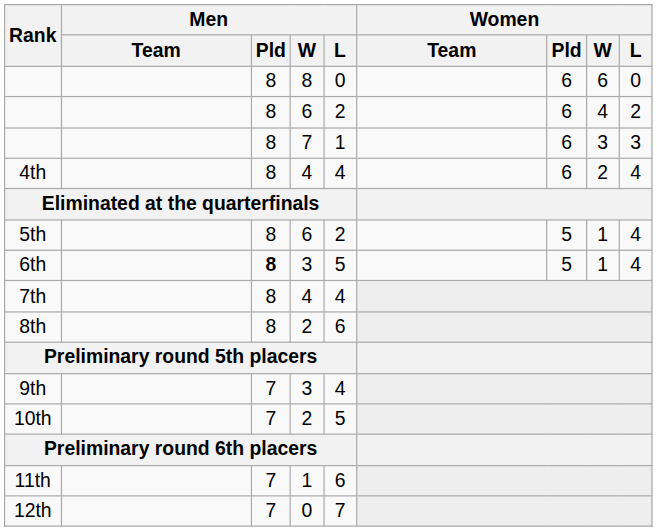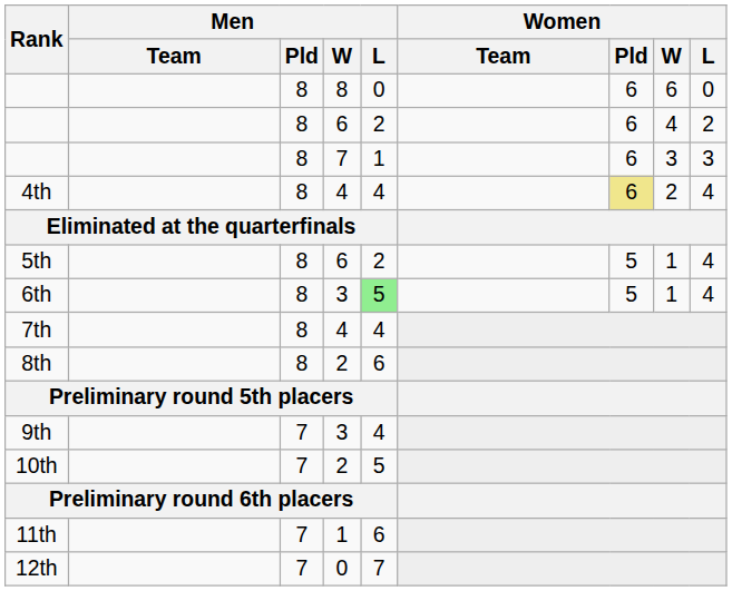 <table class=wikitable>
 <tr>
 <th rowspan=2>Rank</th>
 <th colspan=4>Men</th>
 <th colspan=4>Women</th>
 </tr>
 <tr>
 <th width=150px>Team</th>
 <th width=20px>Pld</th>
 <th width=20px>W</th>
 <th width=20px>L</th>
 <th width=150px>Team</th>
 <th width=20px>Pld</th>
 <th width=20px>W</th>
 <th width=20px>L</th>
 </tr>
 <tr align=center>
 <td></td>
 <td align=left></td>
 <td>8</td>
 <td>8</td>
 <td>0</td>
 <td align=left></td>
 <td>6</td>
 <td>6</td>
 <td>0</td>
 </tr>
 <tr align=center>
 <td></td>
 <td align=left></td>
 <td>8</td>
 <td>6</td>
 <td>2</td>
 <td align=left></td>
 <td>6</td>
 <td>4</td>
 <td>2</td>
 </tr>
 <tr align=center>
 <td></td>
 <td align=left></td>
 <td>8</td>
 <td>7</td>
 <td>1</td>
 <td align=left></td>
 <td>6</td>
 <td>3</td>
 <td>3</td>
 </tr>
 <tr align=center>
 <td>4th</td>
 <td align=left></td>
 <td>8</td>
 <td>4</td>
 <td>4</td>
 <td align=left></td>
-<td>6</td>
+<td style="background: khaki;">6</td>
 <td>2</td>
 <td>4</td>
 </tr>
 <tr>
 <th colspan=5>Eliminated at the quarterfinals</th>
 <th colspan=4 bgcolor=#eee></th>
 </tr>
 <tr align=center>
 <td>5th</td>
 <td align=left></td>
 <td>8</td>
 <td>6</td>
 <td>2</td>
 <td align=left></td>
 <td>5</td>
 <td>1</td>
 <td>4</td>
 </tr>
 <tr align=center>
 <td>6th</td>
 <td align=left></td>
-<td><strong>8</strong></td>
+<td>8</td>
 <td>3</td>
-<td>5</td>
+<td style="background: lightgreen;">5</td>
 <td align=left></td>
 <td>5</td>
 <td>1</td>
 <td>4</td>
 </tr>
 <tr align=center>
 <td>7th</td>
 <td align=left></td>
 <td>8</td>
 <td>4</td>
 <td>4</td>
 <td colspan=4 bgcolor=#eee></td>
 </tr>
 <tr align=center>
 <td>8th</td>
 <td align=left></td>
 <td>8</td>
 <td>2</td>
 <td>6</td>
 <td colspan=4 bgcolor=#eee></td>
 </tr>
 <tr>
 <th colspan=5>Preliminary round 5th placers</th>
 <th colspan=4 bgcolor=#eee></th>
 </tr>
 <tr align=center>
 <td>9th</td>
 <td align=left></td>
 <td>7</td>
 <td>3</td>
 <td>4</td>
 <td colspan=4 bgcolor=#eee></td>
 </tr>
 <tr align=center>
 <td>10th</td>
 <td align=left></td>
 <td>7</td>
 <td>2</td>
 <td>5</td>
 <td colspan=4 bgcolor=#eee></td>
 </tr>
 <tr>
 <th colspan=5>Preliminary round 6th placers</th>
 <th colspan=4 bgcolor=#eee></th>
 </tr>
 <tr align=center>
 <td>11th</td>
 <td align=left></td>
 <td>7</td>
 <td>1</td>
 <td>6</td>
 <td colspan=4 bgcolor=#eee></td>
 </tr>
 <tr align=center>
 <td>12th</td>
 <td align=left></td>
 <td>7</td>
 <td>0</td>
 <td>7</td>
 <td colspan=4 bgcolor=#eee></td>
 </tr>
 </table>
